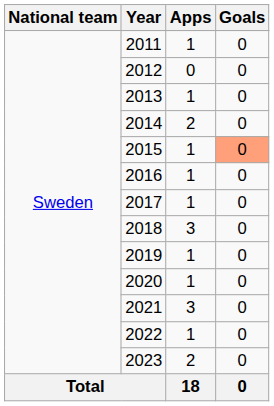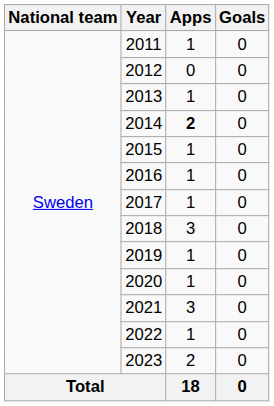 <table class="wikitable" style="text-align:center;">
 <tr>
 <th>National team</th>
 <th>Year</th>
 <th>Apps</th>
 <th>Goals</th>
 </tr>
 <tr>
 <td rowspan="14"><a href='#'>Sweden</a></td>
 </tr>
 <tr>
 <td>2011</td>
 <td>1</td>
 <td>0</td>
 </tr>
 <tr>
 <td>2012</td>
 <td>0</td>
 <td>0</td>
 </tr>
 <tr>
 <td>2013</td>
 <td>1</td>
 <td>0</td>
 </tr>
 <tr>
 <td>2014</td>
-<td>2</td>
+<td><strong>2</strong></td>
 <td>0</td>
 </tr>
 <tr>
 <td>2015</td>
 <td>1</td>
-<td style="background: lightsalmon;">0</td>
+<td>0</td>
 </tr>
 <tr>
 <td>2016</td>
 <td>1</td>
 <td>0</td>
 </tr>
 <tr>
 <td>2017</td>
 <td>1</td>
 <td>0</td>
 </tr>
 <tr>
 <td>2018</td>
 <td>3</td>
 <td>0</td>
 </tr>
 <tr>
 <td>2019</td>
 <td>1</td>
 <td>0</td>
 </tr>
 <tr>
 <td>2020</td>
 <td>1</td>
 <td>0</td>
 </tr>
 <tr>
 <td>2021</td>
 <td>3</td>
 <td>0</td>
 </tr>
 <tr>
 <td>2022</td>
 <td>1</td>
 <td>0</td>
 </tr>
 <tr>
 <td>2023</td>
 <td>2</td>
 <td>0</td>
 </tr>
 <tr>
 <th colspan=2>Total</th>
 <th>18</th>
 <th>0</th>
 </tr>
 </table>
